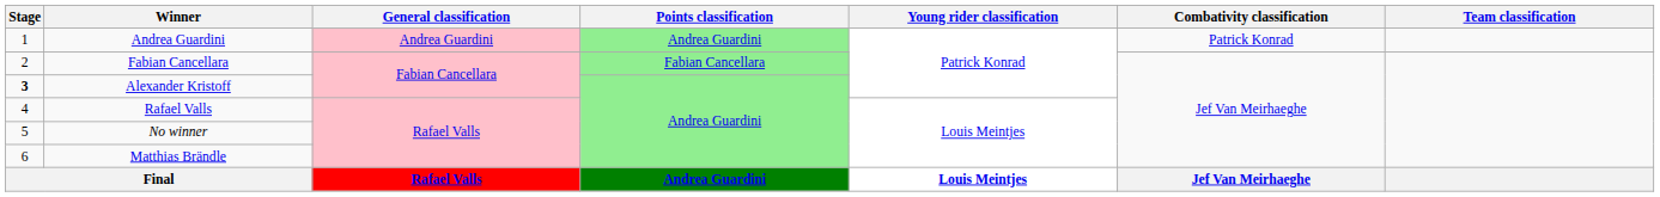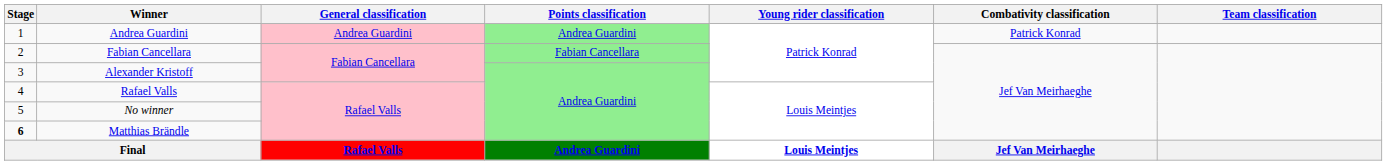 <table class="wikitable" style="text-align: center; font-size:smaller; width: 100%">
 <tr style="background-color: #efefef;">
 <th style="width:1%">Stage</th>
 <th style="width:16.5%">Winner</th>
 <th style="width:16.5%"><a href='#'>General classification</a><br></th>
 <th style="width:16.5%"><a href='#'>Points classification</a><br></th>
 <th style="width:16.5%"><a href='#'>Young rider classification</a><br></th>
 <th style="width:16.5%">Combativity classification<br></th>
 <th style="width:16.5%"><a href='#'>Team classification</a></th>
 </tr>
 <tr>
 <td>1</td>
 <td><a href='#'>Andrea Guardini</a></td>
 <td style="background:pink;"><a href='#'>Andrea Guardini</a></td>
 <td style="background:lightgreen;"><a href='#'>Andrea Guardini</a></td>
 <td style="background:white;" rowspan=3><a href='#'>Patrick Konrad</a></td>
 <td><a href='#'>Patrick Konrad</a></td>
 <td style="background:offwhite;"></td>
 </tr>
 <tr>
 <td>2</td>
 <td><a href='#'>Fabian Cancellara</a></td>
 <td style="background:pink;" rowspan=2><a href='#'>Fabian Cancellara</a></td>
 <td style="background:lightgreen;"><a href='#'>Fabian Cancellara</a></td>
 <td rowspan=5><a href='#'>Jef Van Meirhaeghe</a></td>
 <td style="background:offwhite;" rowspan=5></td>
 </tr>
 <tr>
-<td><strong>3</strong></td>
+<td>3</td>
 <td><a href='#'>Alexander Kristoff</a></td>
 <td style="background:lightgreen;" rowspan=4><a href='#'>Andrea Guardini</a></td>
 </tr>
 <tr>
 <td>4</td>
 <td><a href='#'>Rafael Valls</a></td>
 <td style="background:pink;" rowspan=3><a href='#'>Rafael Valls</a></td>
 <td style="background:white;" rowspan=3><a href='#'>Louis Meintjes</a></td>
 </tr>
 <tr>
 <td>5</td>
 <td><em>No winner</em></td>
 </tr>
 <tr>
-<td>6</td>
+<td><strong>6</strong></td>
 <td><a href='#'>Matthias Brändle</a></td>
 </tr>
 <tr>
 <th colspan=2>Final</th>
 <th style="background:red;"><a href='#'>Rafael Valls</a></th>
 <th style="background:green;"><a href='#'>Andrea Guardini</a></th>
 <th style="background:white;"><a href='#'>Louis Meintjes</a></th>
 <th><a href='#'>Jef Van Meirhaeghe</a></th>
 <th></th>
 </tr>
 </table>
